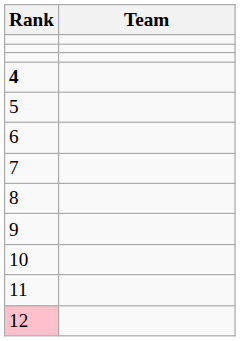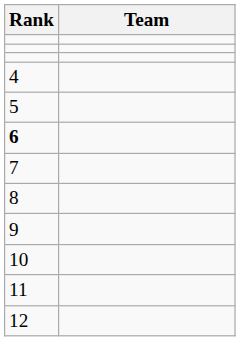 <table class="wikitable">
 <tr>
 <th>Rank</th>
 <th width=140>Team</th>
 </tr>
 <tr valign="top">
 <td></td>
 <td></td>
 </tr>
 <tr>
 <td></td>
 <td></td>
 </tr>
 <tr>
 <td></td>
 <td></td>
 </tr>
 <tr>
-<td><strong>4</strong></td>
+<td>4</td>
 <td></td>
 </tr>
 <tr>
 <td>5</td>
 <td></td>
 </tr>
 <tr>
-<td>6</td>
+<td><strong>6</strong></td>
 <td></td>
 </tr>
 <tr>
 <td>7</td>
 <td></td>
 </tr>
 <tr>
 <td>8</td>
 <td></td>
 </tr>
 <tr>
 <td>9</td>
 <td></td>
 </tr>
 <tr>
 <td>10</td>
 <td></td>
 </tr>
 <tr>
 <td>11</td>
 <td></td>
 </tr>
 <tr>
-<td style="background: pink;">12</td>
+<td>12</td>
 <td></td>
 </tr>
 </table>
